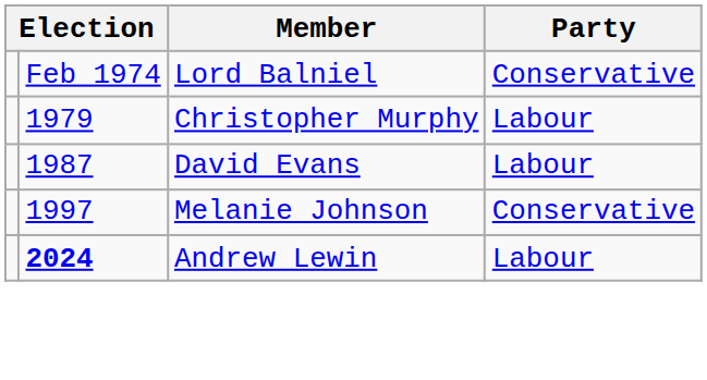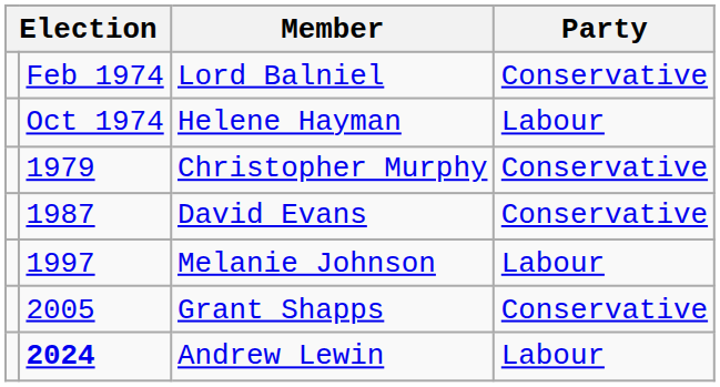 <table class="wikitable">
 <tr>
 <th colspan="2">Election</th>
 <th>Member</th>
 <th>Party</th>
 </tr>
 <tr>
 <td style="color:inherit;background-color: "></td>
 <td><a href='#'>Feb 1974</a></td>
 <td><a href='#'>Lord Balniel</a></td>
 <td><a href='#'>Conservative</a></td>
 </tr>
 <tr>
 <td style="color:inherit;background-color: "></td>
+<td><a href='#'>Oct 1974</a></td>
+<td><a href='#'>Helene Hayman</a></td>
+<td><a href='#'>Labour</a></td>
+</tr>
+<tr>
+<td style="color:inherit;background-color: "></td>
 <td><a href='#'>1979</a></td>
 <td><a href='#'>Christopher Murphy</a></td>
-<td><a href='#'>Labour</a></td>
+<td><a href='#'>Conservative</a></td>
 </tr>
 <tr>
 <td style="color:inherit;background-color: "></td>
 <td><a href='#'>1987</a></td>
 <td><a href='#'>David Evans</a></td>
-<td><a href='#'>Labour</a></td>
+<td><a href='#'>Conservative</a></td>
 </tr>
 <tr>
 <td style="color:inherit;background-color: "></td>
 <td><a href='#'>1997</a></td>
 <td><a href='#'>Melanie Johnson</a></td>
+<td><a href='#'>Labour</a></td>
+</tr>
+<tr>
+<td style="color:inherit;background-color: "></td>
+<td><a href='#'>2005</a></td>
+<td><a href='#'>Grant Shapps</a></td>
 <td><a href='#'>Conservative</a></td>
 </tr>
 <tr>
 <td style="color:inherit;background-color: "></td>
 <td><strong><a href='#'>2024</a></strong></td>
 <td><a href='#'>Andrew Lewin</a></td>
 <td><a href='#'>Labour</a></td>
 </tr>
 </table>
